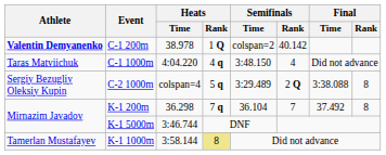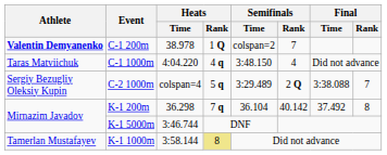 <table class="wikitable" style="font-size:90%">
 <tr>
 <th rowspan=2>Athlete</th>
 <th rowspan=2>Event</th>
 <th colspan=2>Heats</th>
 <th colspan=2>Semifinals</th>
 <th colspan=2>Final</th>
 </tr>
 <tr style="font-size:95%">
 <th>Time</th>
 <th>Rank</th>
 <th>Time</th>
 <th>Rank</th>
 <th>Time</th>
 <th>Rank</th>
 </tr>
 <tr align=center>
 <td align=left><strong><a href='#'>Valentin Demyanenko</a></strong></td>
 <td align=left><a href='#'>C-1 200m</a></td>
 <td>38.978</td>
 <td>1 <strong>Q</strong></td>
 <td>colspan=2 </td>
-<td>40.142</td>
+<td>7</td>
 <td></td>
 </tr>
 <tr align=center>
 <td align=left><a href='#'>Taras Matviichuk</a></td>
 <td align=left><a href='#'>C-1 1000m</a></td>
 <td>4:04.220</td>
 <td>4 <strong>q</strong></td>
 <td>3:48.150</td>
 <td>4</td>
 <td colspan=2>Did not advance</td>
 </tr>
 <tr align=center>
 <td align=left><a href='#'>Sergiy Bezugliy</a><br><a href='#'>Oleksiy Kupin</a></td>
 <td align=left><a href='#'>C-2 1000m</a></td>
 <td>colspan=4 </td>
 <td>5 <strong>q</strong></td>
 <td>3:29.489</td>
 <td>2 <strong>Q</strong></td>
 <td>3:38.088</td>
-<td>8</td>
+<td>7</td>
 </tr>
 <tr align=center>
 <td align=left rowspan=2><a href='#'>Mirnazim Javadov</a></td>
 <td align=left><a href='#'>K-1 200m</a></td>
 <td>36.298</td>
 <td>7 <strong>q</strong></td>
 <td>36.104</td>
-<td>7</td>
+<td>40.142</td>
 <td>37.492</td>
 <td>8</td>
 </tr>
 <tr align=center>
 <td align=left><a href='#'>K-1 5000m</a></td>
 <td>3:46.744</td>
 <td colspan=2>DNF</td>
 </tr>
 <tr align=center>
 <td align=left><a href='#'>Tamerlan Mustafayev</a></td>
 <td align=left><a href='#'>K-1 1000m</a></td>
 <td>3:58.144</td>
 <td style="background: khaki;">8</td>
 <td colspan=4>Did not advance</td>
 </tr>
 </table>
